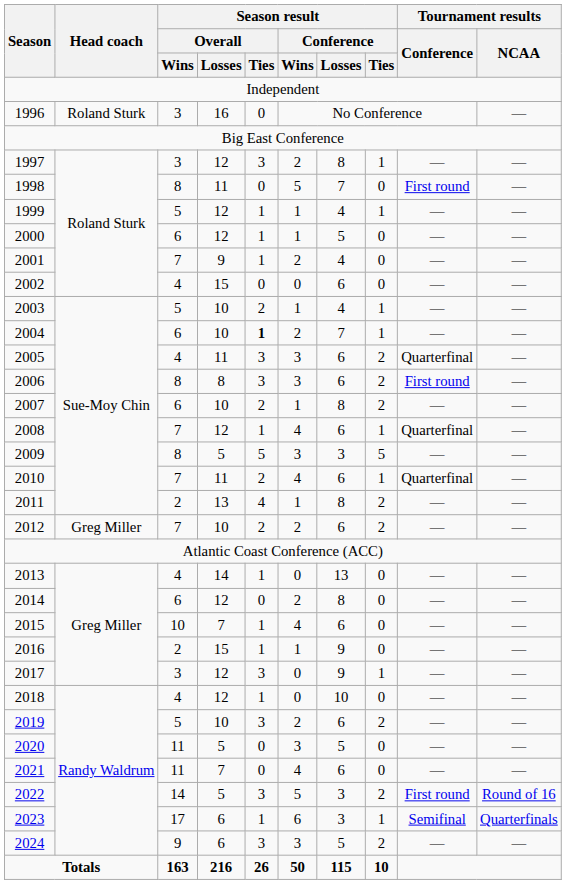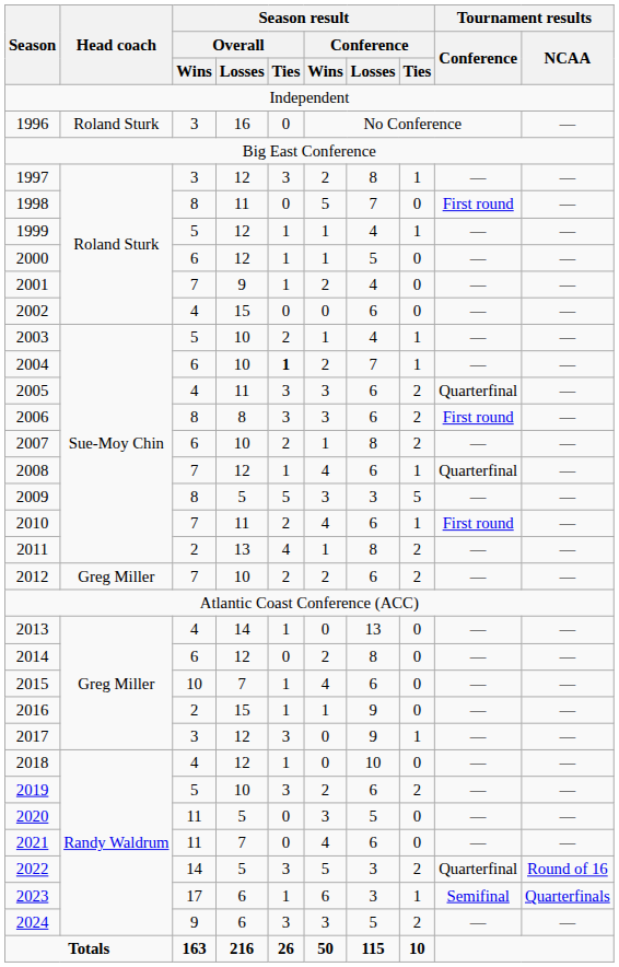 <table class="wikitable" style="font-size: 95%; text-align:center;">
 <tr>
 <th rowspan=3>Season</th>
 <th rowspan=3>Head coach</th>
 <th colspan=6>Season result</th>
 <th colspan=2>Tournament results</th>
 </tr>
 <tr>
 <th colspan=3>Overall</th>
 <th colspan=3>Conference</th>
 <th rowspan=2>Conference</th>
 <th rowspan=2>NCAA</th>
 </tr>
 <tr>
 <th>Wins</th>
 <th>Losses</th>
 <th>Ties</th>
 <th>Wins</th>
 <th>Losses</th>
 <th>Ties</th>
 </tr>
 <tr>
 <td colspan="10">Independent</td>
 </tr>
 <tr>
 <td>1996</td>
 <td>Roland Sturk</td>
 <td>3</td>
 <td>16</td>
 <td>0</td>
 <td colspan="4">No Conference</td>
 <td>—</td>
 </tr>
 <tr>
 <td colspan="10">Big East Conference</td>
 </tr>
 <tr>
 <td>1997</td>
 <td rowspan="6">Roland Sturk</td>
 <td>3</td>
 <td>12</td>
 <td>3</td>
 <td>2</td>
 <td>8</td>
 <td>1</td>
 <td>—</td>
 <td>—</td>
 </tr>
 <tr>
 <td>1998</td>
 <td>8</td>
 <td>11</td>
 <td>0</td>
 <td>5</td>
 <td>7</td>
 <td>0</td>
 <td><a href='#'>First round</a></td>
 <td>—</td>
 </tr>
 <tr>
 <td>1999</td>
 <td>5</td>
 <td>12</td>
 <td>1</td>
 <td>1</td>
 <td>4</td>
 <td>1</td>
 <td>—</td>
 <td>—</td>
 </tr>
 <tr>
 <td>2000</td>
 <td>6</td>
 <td>12</td>
 <td>1</td>
 <td>1</td>
 <td>5</td>
 <td>0</td>
 <td>—</td>
 <td>—</td>
 </tr>
 <tr>
 <td>2001</td>
 <td>7</td>
 <td>9</td>
 <td>1</td>
 <td>2</td>
 <td>4</td>
 <td>0</td>
 <td>—</td>
 <td>—</td>
 </tr>
 <tr>
 <td>2002</td>
 <td>4</td>
 <td>15</td>
 <td>0</td>
 <td>0</td>
 <td>6</td>
 <td>0</td>
 <td>—</td>
 <td>—</td>
 </tr>
 <tr>
 <td>2003</td>
 <td rowspan=9>Sue-Moy Chin</td>
 <td>5</td>
 <td>10</td>
 <td>2</td>
 <td>1</td>
 <td>4</td>
 <td>1</td>
 <td>—</td>
 <td>—</td>
 </tr>
 <tr>
 <td>2004</td>
 <td>6</td>
 <td>10</td>
 <td><strong>1</strong></td>
 <td>2</td>
 <td>7</td>
 <td>1</td>
 <td>—</td>
 <td>—</td>
 </tr>
 <tr>
 <td>2005</td>
 <td>4</td>
 <td>11</td>
 <td>3</td>
 <td>3</td>
 <td>6</td>
 <td>2</td>
 <td>Quarterfinal</td>
 <td>—</td>
 </tr>
 <tr>
 <td>2006</td>
 <td>8</td>
 <td>8</td>
 <td>3</td>
 <td>3</td>
 <td>6</td>
 <td>2</td>
 <td><a href='#'>First round</a></td>
 <td>—</td>
 </tr>
 <tr>
 <td>2007</td>
 <td>6</td>
 <td>10</td>
 <td>2</td>
 <td>1</td>
 <td>8</td>
 <td>2</td>
 <td>—</td>
 <td>—</td>
 </tr>
 <tr>
 <td>2008</td>
 <td>7</td>
 <td>12</td>
 <td>1</td>
 <td>4</td>
 <td>6</td>
 <td>1</td>
 <td>Quarterfinal</td>
 <td>—</td>
 </tr>
 <tr>
 <td>2009</td>
 <td>8</td>
 <td>5</td>
 <td>5</td>
 <td>3</td>
 <td>3</td>
 <td>5</td>
 <td>—</td>
 <td>—</td>
 </tr>
 <tr>
 <td>2010</td>
 <td>7</td>
 <td>11</td>
 <td>2</td>
 <td>4</td>
 <td>6</td>
 <td>1</td>
-<td>Quarterfinal</td>
+<td><a href='#'>First round</a></td>
 <td>—</td>
 </tr>
 <tr>
 <td>2011</td>
 <td>2</td>
 <td>13</td>
 <td>4</td>
 <td>1</td>
 <td>8</td>
 <td>2</td>
 <td>—</td>
 <td>—</td>
 </tr>
 <tr>
 <td>2012</td>
 <td>Greg Miller</td>
 <td>7</td>
 <td>10</td>
 <td>2</td>
 <td>2</td>
 <td>6</td>
 <td>2</td>
 <td>—</td>
 <td>—</td>
 </tr>
 <tr>
 <td colspan="10">Atlantic Coast Conference (ACC)</td>
 </tr>
 <tr>
 <td>2013</td>
 <td rowspan="5">Greg Miller</td>
 <td>4</td>
 <td>14</td>
 <td>1</td>
 <td>0</td>
 <td>13</td>
 <td>0</td>
 <td>—</td>
 <td>—</td>
 </tr>
 <tr>
 <td>2014</td>
 <td>6</td>
 <td>12</td>
 <td>0</td>
 <td>2</td>
 <td>8</td>
 <td>0</td>
 <td>—</td>
 <td>—</td>
 </tr>
 <tr>
 <td>2015</td>
 <td>10</td>
 <td>7</td>
 <td>1</td>
 <td>4</td>
 <td>6</td>
 <td>0</td>
 <td>—</td>
 <td>—</td>
 </tr>
 <tr>
 <td>2016</td>
 <td>2</td>
 <td>15</td>
 <td>1</td>
 <td>1</td>
 <td>9</td>
 <td>0</td>
 <td>—</td>
 <td>—</td>
 </tr>
 <tr>
 <td>2017</td>
 <td>3</td>
 <td>12</td>
 <td>3</td>
 <td>0</td>
 <td>9</td>
 <td>1</td>
 <td>—</td>
 <td>—</td>
 </tr>
 <tr>
 <td>2018</td>
 <td rowspan="7"><a href='#'>Randy Waldrum</a></td>
 <td>4</td>
 <td>12</td>
 <td>1</td>
 <td>0</td>
 <td>10</td>
 <td>0</td>
 <td>—</td>
 <td>—</td>
 </tr>
 <tr>
 <td><a href='#'>2019</a></td>
 <td>5</td>
 <td>10</td>
 <td>3</td>
 <td>2</td>
 <td>6</td>
 <td>2</td>
 <td>—</td>
 <td>—</td>
 </tr>
 <tr>
 <td><a href='#'>2020</a></td>
 <td>11</td>
 <td>5</td>
 <td>0</td>
 <td>3</td>
 <td>5</td>
 <td>0</td>
 <td>—</td>
 <td>—</td>
 </tr>
 <tr>
 <td><a href='#'>2021</a></td>
 <td>11</td>
 <td>7</td>
 <td>0</td>
 <td>4</td>
 <td>6</td>
 <td>0</td>
 <td>—</td>
 <td>—</td>
 </tr>
 <tr>
 <td><a href='#'>2022</a></td>
 <td>14</td>
 <td>5</td>
 <td>3</td>
 <td>5</td>
 <td>3</td>
 <td>2</td>
-<td><a href='#'>First round</a></td>
+<td>Quarterfinal</td>
 <td><a href='#'>Round of 16</a></td>
 </tr>
 <tr>
 <td><a href='#'>2023</a></td>
 <td>17</td>
 <td>6</td>
 <td>1</td>
 <td>6</td>
 <td>3</td>
 <td>1</td>
 <td><a href='#'>Semifinal</a></td>
 <td><a href='#'>Quarterfinals</a></td>
 </tr>
 <tr>
 <td><a href='#'>2024</a></td>
 <td>9</td>
 <td>6</td>
 <td>3</td>
 <td>3</td>
 <td>5</td>
 <td>2</td>
 <td>—</td>
 <td>—</td>
 </tr>
 <tr>
 <td colspan="2"><strong>Totals</strong></td>
 <td><strong>163</strong></td>
 <td><strong>216</strong></td>
 <td><strong>26</strong></td>
 <td><strong>50</strong></td>
 <td><strong>115</strong></td>
 <td><strong>10</strong></td>
 <td colspan="2"></td>
 </tr>
 </table>
